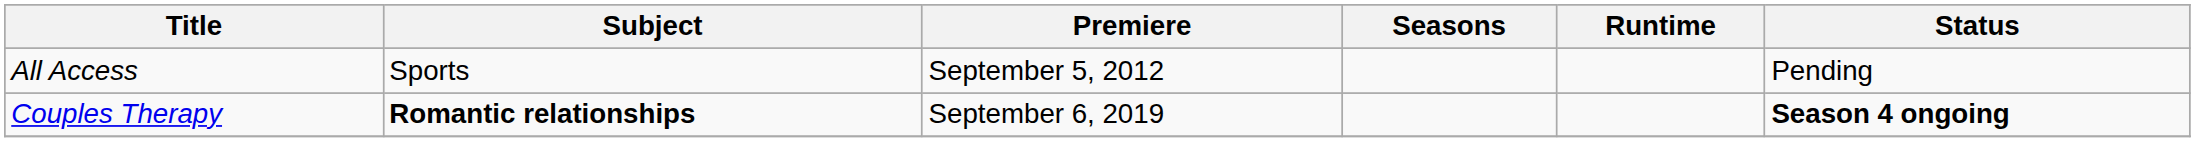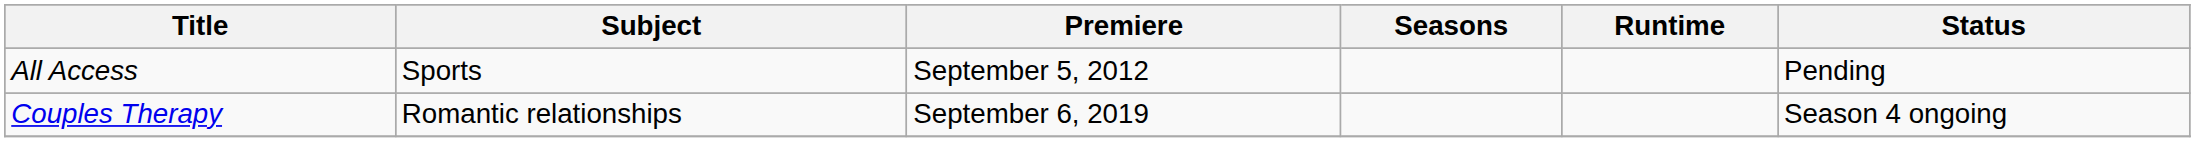 <table class="wikitable sortable" style="width:100%;">
 <tr>
 <th>Title</th>
 <th>Subject</th>
 <th>Premiere</th>
 <th>Seasons</th>
 <th>Runtime</th>
 <th>Status</th>
 </tr>
 <tr>
 <td><em>All Access</em></td>
 <td>Sports</td>
 <td>September 5, 2012</td>
 <td></td>
 <td></td>
 <td>Pending</td>
 </tr>
 <tr>
 <td><em><a href='#'>Couples Therapy</a></em></td>
-<td><strong>Romantic relationships</strong></td>
+<td>Romantic relationships</td>
 <td>September 6, 2019</td>
 <td></td>
 <td></td>
-<td><strong>Season 4 ongoing</strong></td>
+<td>Season 4 ongoing</td>
 </tr>
 <tr>
 </tr>
 </table>
